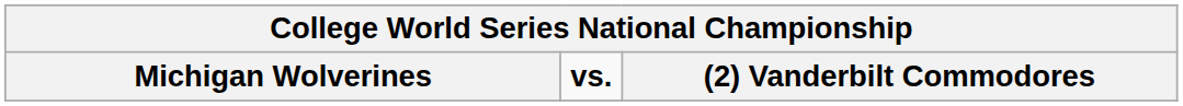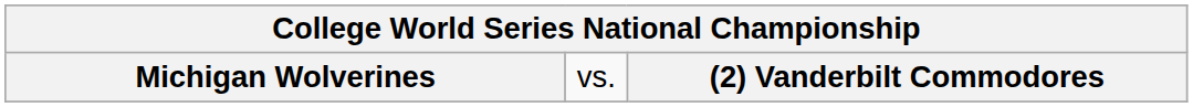 <table class="wikitable">
 <tr>
 <th style="width: 604px;" colspan=3>College World Series National Championship</th>
 </tr>
 <tr>
 <th style="width: 289px; ">Michigan Wolverines</th>
-<td style="width: 25px; text-align:center"><strong>vs.</strong></td>
+<td style="width: 25px; text-align:center">vs.</td>
 <th style="width: 289px; ">(2) Vanderbilt Commodores</th>
 </tr>
 </table>
